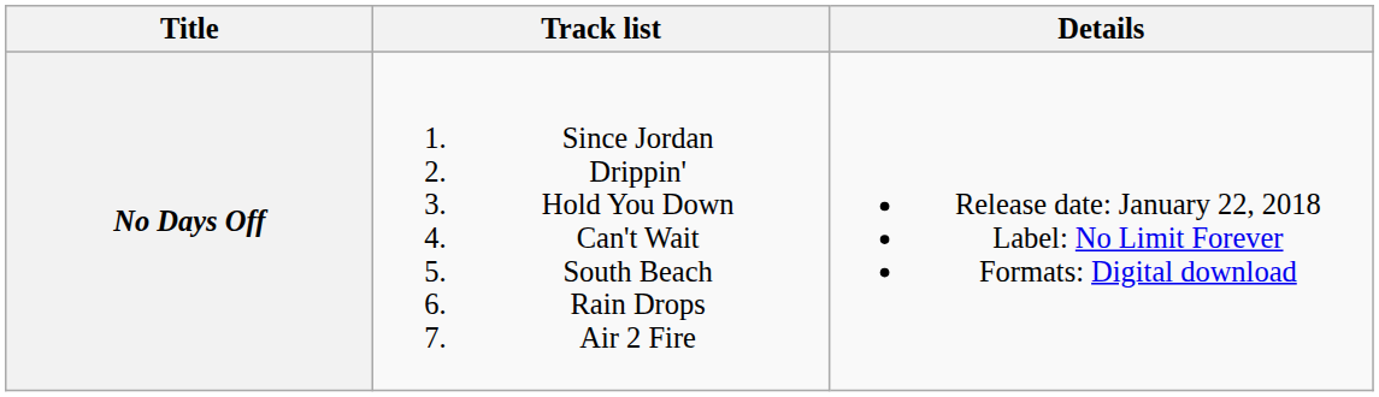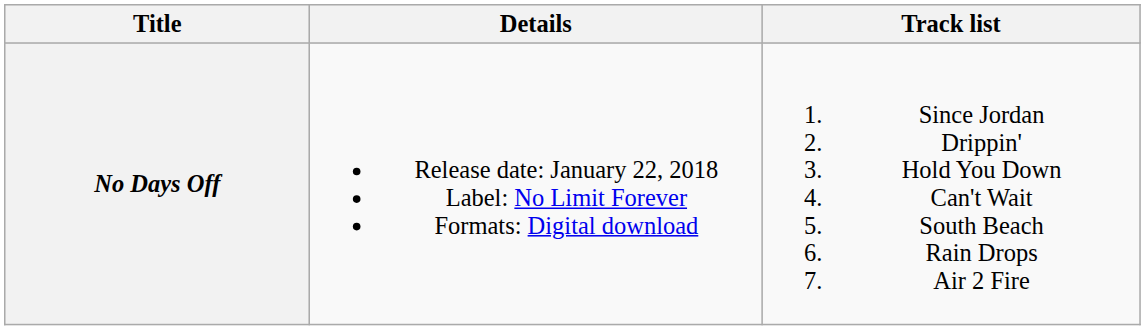 <table class="wikitable plainrowheaders" style="text-align:center;">
 <tr>
 <th style="width:12em;">Title</th>
+<th style="width:18em;">Details</th>
 <th style="width:15em;">Track list</th>
-<th style="width:18em;">Details</th>
 </tr>
 <tr>
 <th scope="row"><em>No Days Off</em></th>
+<td><br><ul><li>Release date: January 22, 2018</li><li>Label: <a href='#'>No Limit Forever</a></li><li>Formats: <a href='#'>Digital download</a></li></ul></td>
 <td><br><ol><li>Since Jordan</li><li>Drippin'</li><li>Hold You Down</li><li>Can't Wait</li><li>South Beach</li><li>Rain Drops</li><li>Air 2 Fire</li></ol></td>
-<td><br><ul><li>Release date: January 22, 2018</li><li>Label: <a href='#'>No Limit Forever</a></li><li>Formats: <a href='#'>Digital download</a></li></ul></td>
 </tr>
 </table>
